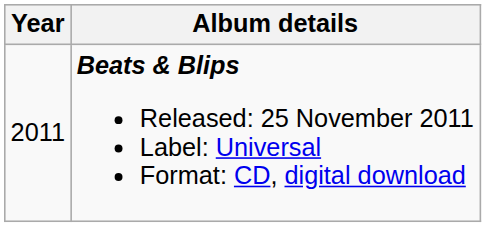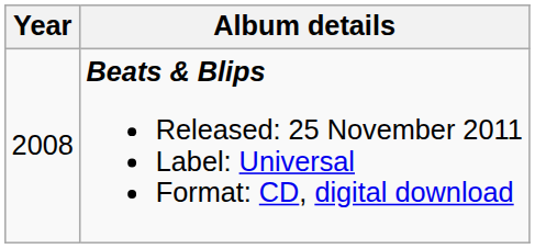 <table class="wikitable">
 <tr>
 <th>Year</th>
 <th>Album details</th>
 </tr>
 <tr>
-<td>2011</td>
+<td>2008</td>
 <td><strong><em>Beats & Blips</em></strong><br><ul><li>Released: 25 November 2011</li><li>Label: <a href='#'>Universal</a></li><li>Format: <a href='#'>CD</a>, <a href='#'>digital download</a></li></ul></td>
 </tr>
 </table>
